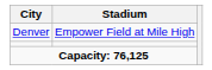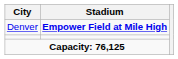 <table class="wikitable" style="text-align:center; margin-left:auto; margin-right:auto; border:none;">
 <tr>
 <th>City</th>
 <th>Stadium</th>
 <th rowspan="4"></th>
 </tr>
 <tr>
 <td><a href='#'>Denver</a></td>
-<td><a href='#'>Empower Field at Mile High</a></td>
+<td><strong><a href='#'>Empower Field at Mile High</a></strong></td>
 </tr>
 <tr>
 <td></td>
 <td></td>
 </tr>
 <tr>
 <td colspan="2"><strong>Capacity:</strong> <strong>76,125</strong></td>
 </tr>
 </table>
